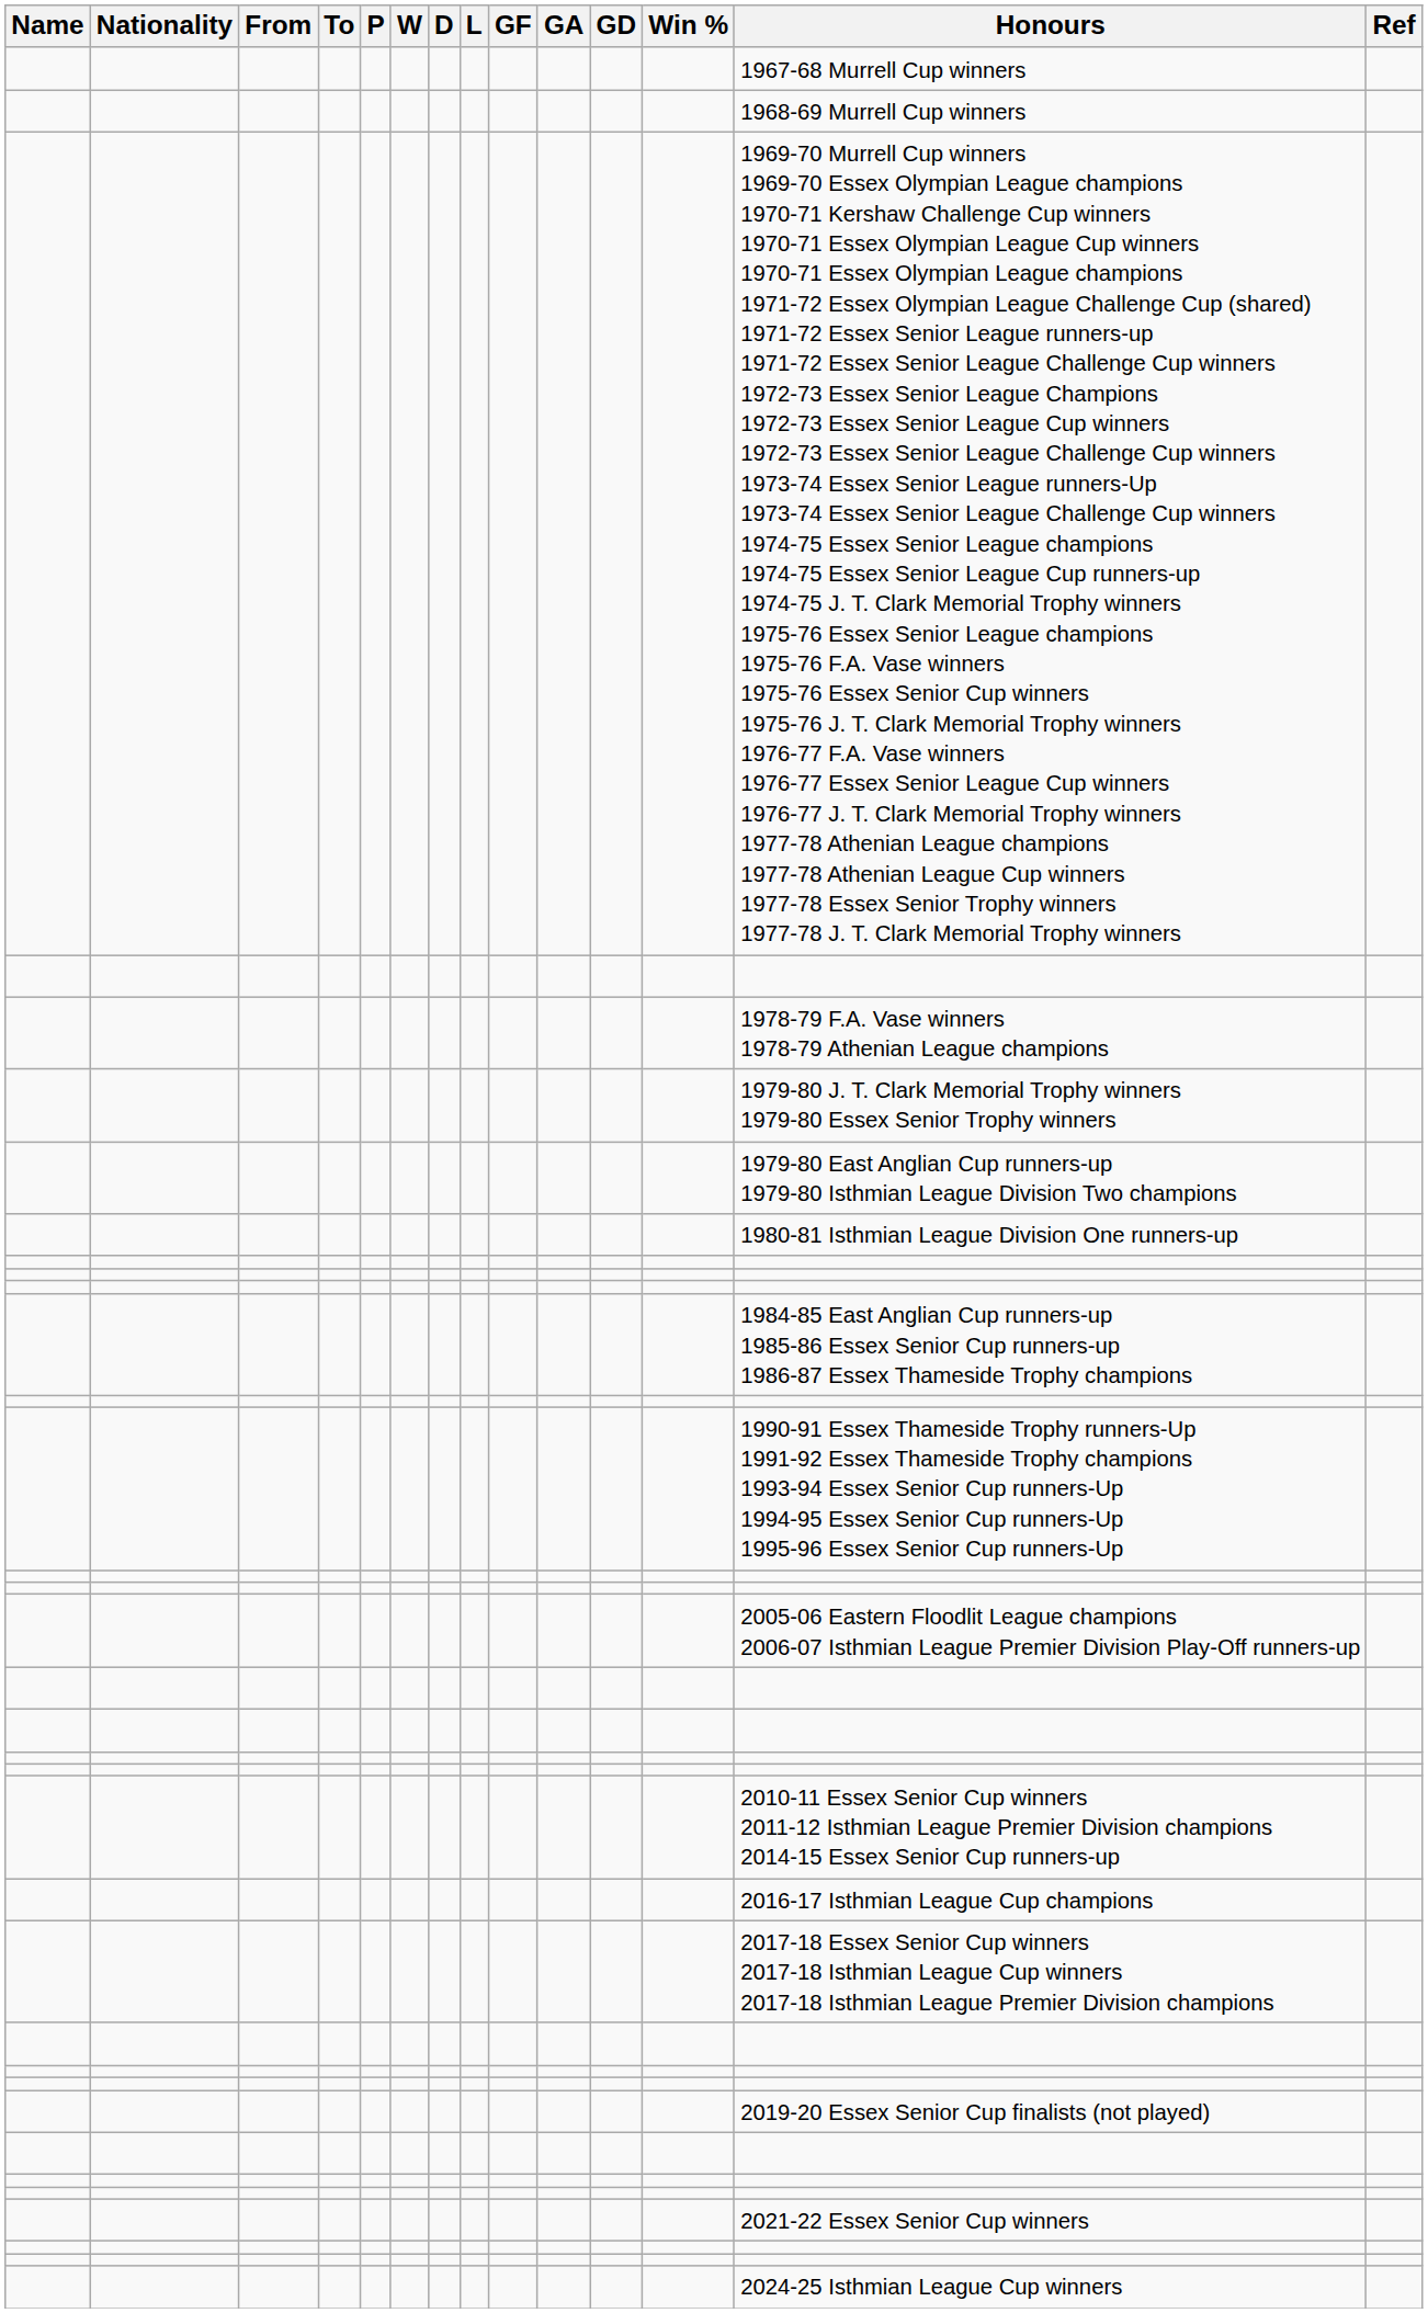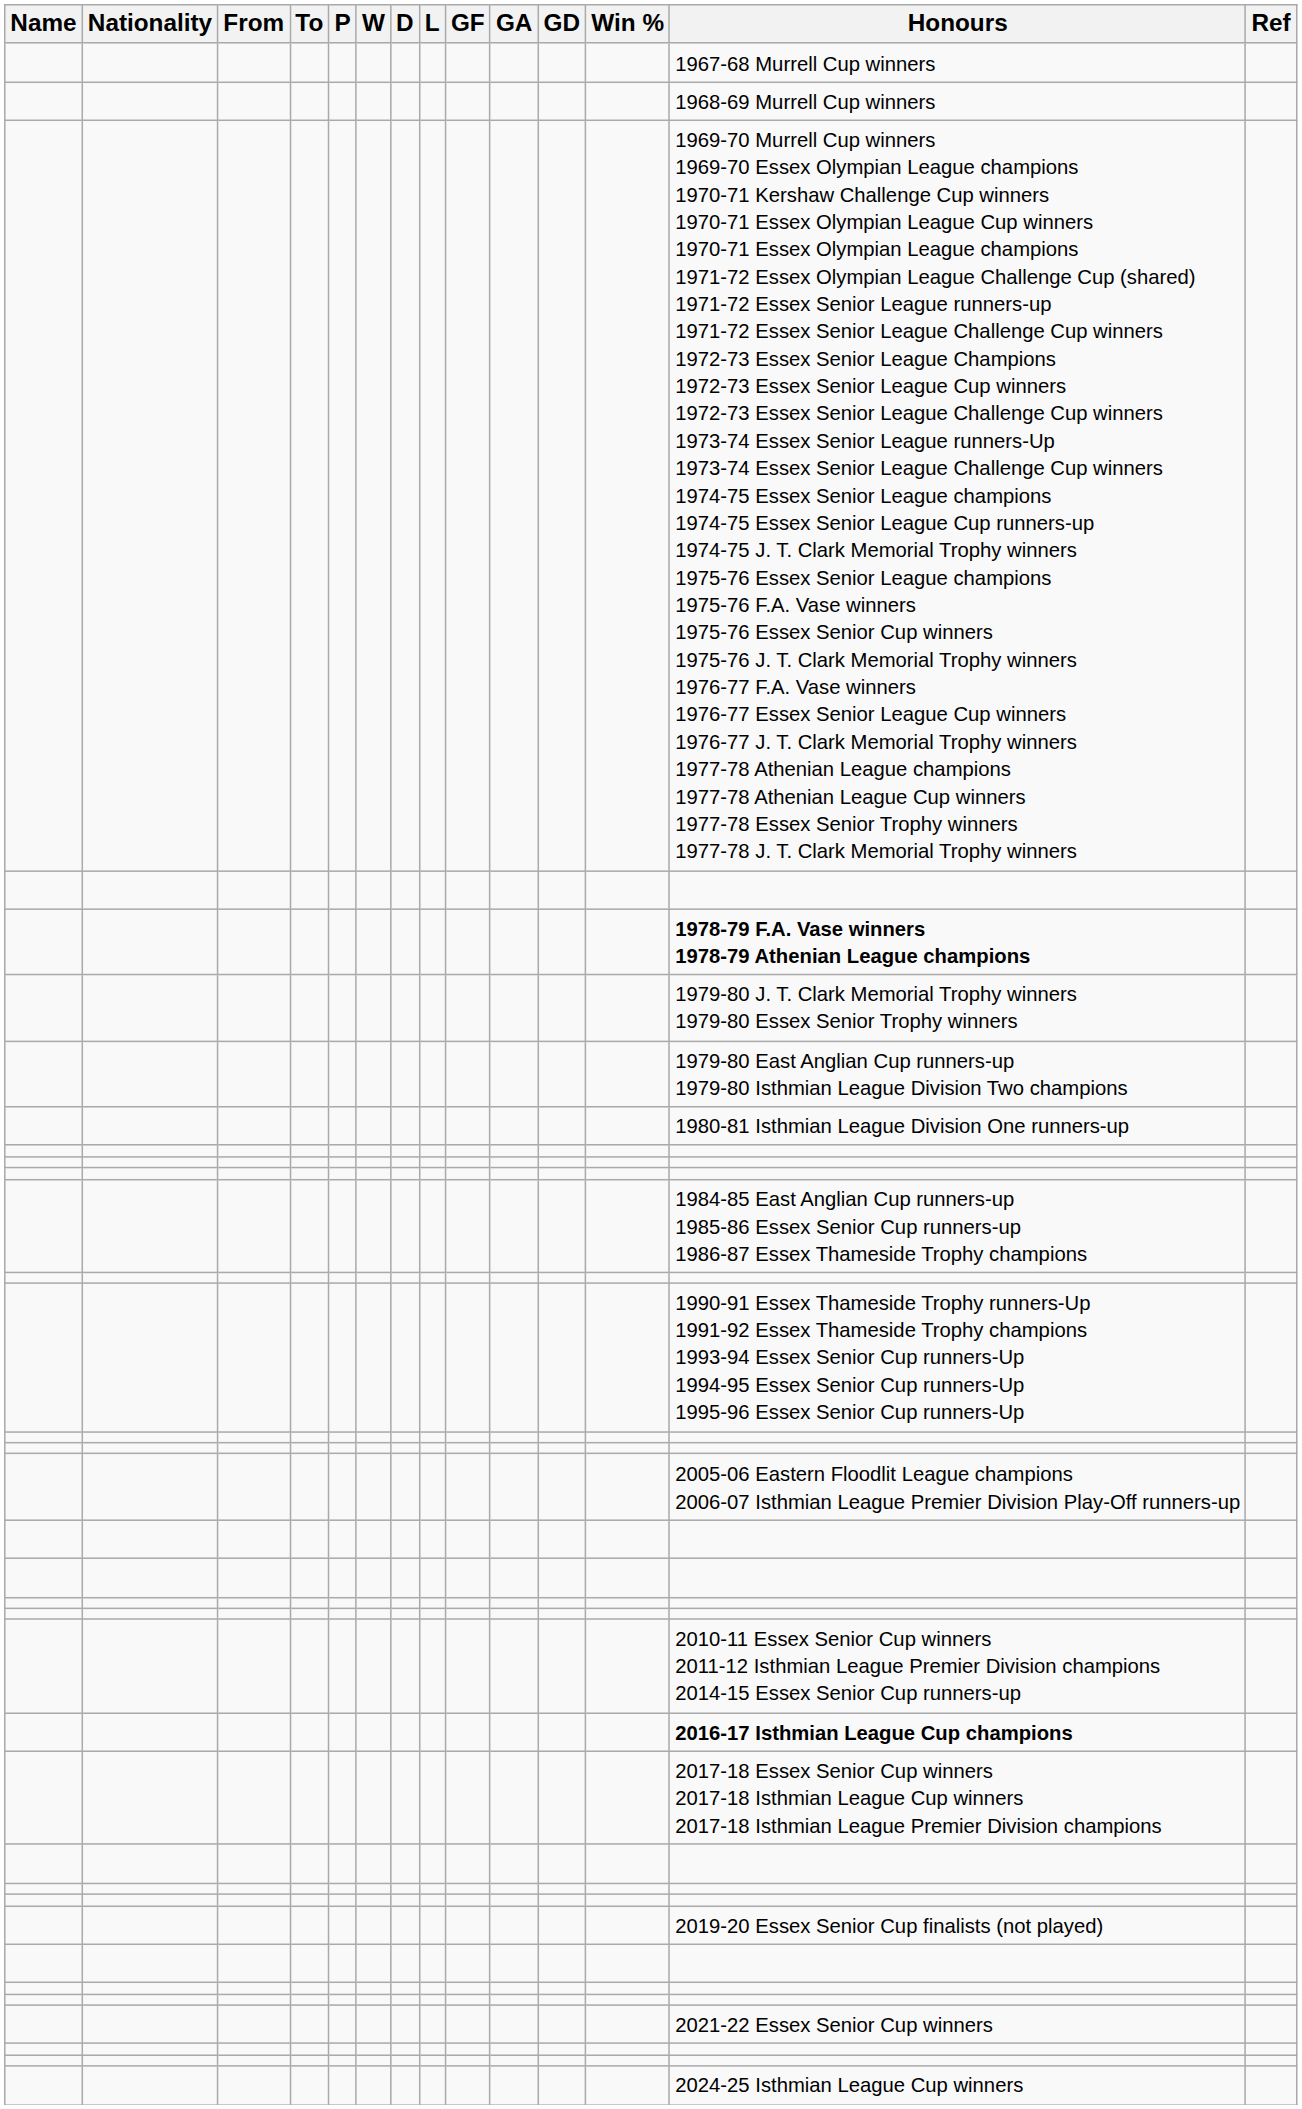 <table class="wikitable sortable" style=text-align:center>
 <tr>
 <th>Name</th>
 <th>Nationality</th>
 <th>From</th>
 <th class="unsortable">To</th>
 <th>P</th>
 <th>W</th>
 <th>D</th>
 <th>L</th>
 <th>GF</th>
 <th>GA</th>
 <th>GD</th>
 <th>Win %</th>
 <th class="unsortable">Honours</th>
 <th class="unsortable">Ref</th>
 </tr>
 <tr>
 <td align=left></td>
 <td align=left></td>
 <td></td>
 <td></td>
 <td></td>
 <td></td>
 <td></td>
 <td></td>
 <td></td>
 <td></td>
 <td></td>
 <td></td>
 <td align=left><small>1967-68 Murrell Cup winners</small></td>
 <td></td>
 </tr>
 <tr>
 <td align=left></td>
 <td align=left></td>
 <td></td>
 <td></td>
 <td></td>
 <td></td>
 <td></td>
 <td></td>
 <td></td>
 <td></td>
 <td></td>
 <td></td>
 <td align=left><small>1968-69 Murrell Cup winners</small></td>
 <td></td>
 </tr>
 <tr>
 <td align=left></td>
 <td align=left></td>
 <td></td>
 <td></td>
 <td></td>
 <td></td>
 <td></td>
 <td></td>
 <td></td>
 <td></td>
 <td></td>
 <td></td>
 <td align=left><small>1969-70 Murrell Cup winners<br>1969-70 Essex Olympian League champions<br>1970-71 Kershaw Challenge Cup winners<br>1970-71 Essex Olympian League Cup winners<br>1970-71 Essex Olympian League champions<br>1971-72 Essex Olympian League Challenge Cup (shared)<br>1971-72 Essex Senior League runners-up<br>1971-72 Essex Senior League Challenge Cup winners<br>1972-73 Essex Senior League Champions<br>1972-73 Essex Senior League Cup winners<br>1972-73 Essex Senior League Challenge Cup winners<br>1973-74 Essex Senior League runners-Up<br>1973-74 Essex Senior League Challenge Cup winners<br>1974-75 Essex Senior League champions<br>1974-75 Essex Senior League Cup runners-up<br>1974-75 J. T. Clark Memorial Trophy winners<br>1975-76 Essex Senior League champions<br>1975-76 F.A. Vase winners<br>1975-76 Essex Senior Cup winners<br>1975-76 J. T. Clark Memorial Trophy winners<br>1976-77 F.A. Vase winners<br>1976-77 Essex Senior League Cup winners<br>1976-77 J. T. Clark Memorial Trophy winners<br>1977-78 Athenian League champions<br>1977-78 Athenian League Cup winners<br>1977-78 Essex Senior Trophy winners<br>1977-78 J. T. Clark Memorial Trophy winners</small></td>
 <td></td>
 </tr>
 <tr>
 <td align=left><br></td>
 <td align=left></td>
 <td></td>
 <td></td>
 <td></td>
 <td></td>
 <td></td>
 <td></td>
 <td></td>
 <td></td>
 <td></td>
 <td></td>
 <td align=left></td>
 <td></td>
 </tr>
 <tr>
 <td align=left></td>
 <td align=left></td>
 <td></td>
 <td></td>
 <td></td>
 <td></td>
 <td></td>
 <td></td>
 <td></td>
 <td></td>
 <td></td>
 <td></td>
-<td align=left><small>1978-79 F.A. Vase winners<br>1978-79 Athenian League champions</small></td>
+<td align=left><strong><small>1978-79 F.A. Vase winners<br>1978-79 Athenian League champions</small></strong></td>
 <td></td>
 </tr>
 <tr>
 <td align=left></td>
 <td align=left></td>
 <td></td>
 <td></td>
 <td></td>
 <td></td>
 <td></td>
 <td></td>
 <td></td>
 <td></td>
 <td></td>
 <td></td>
 <td align=left><small>1979-80 J. T. Clark Memorial Trophy winners<br>1979-80 Essex Senior Trophy winners</small></td>
 <td></td>
 </tr>
 <tr>
 <td align=left></td>
 <td align=left></td>
 <td></td>
 <td></td>
 <td></td>
 <td></td>
 <td></td>
 <td></td>
 <td></td>
 <td></td>
 <td></td>
 <td></td>
 <td align=left><small>1979-80 East Anglian Cup runners-up<br>1979-80 Isthmian League Division Two champions</small></td>
 <td></td>
 </tr>
 <tr>
 <td align=left><br></td>
 <td align=left></td>
 <td></td>
 <td></td>
 <td></td>
 <td></td>
 <td></td>
 <td></td>
 <td></td>
 <td></td>
 <td></td>
 <td></td>
 <td align=left><small>1980-81 Isthmian League Division One runners-up</small></td>
 <td></td>
 </tr>
 <tr>
 <td align=left></td>
 <td align=left></td>
 <td></td>
 <td></td>
 <td></td>
 <td></td>
 <td></td>
 <td></td>
 <td></td>
 <td></td>
 <td></td>
 <td></td>
 <td align=left><small></small></td>
 <td></td>
 </tr>
 <tr>
 <td align=left></td>
 <td align=left></td>
 <td></td>
 <td></td>
 <td></td>
 <td></td>
 <td></td>
 <td></td>
 <td></td>
 <td></td>
 <td></td>
 <td></td>
 <td align=left><small></small></td>
 <td></td>
 </tr>
 <tr>
 <td align=left></td>
 <td align=left></td>
 <td></td>
 <td></td>
 <td></td>
 <td></td>
 <td></td>
 <td></td>
 <td></td>
 <td></td>
 <td></td>
 <td></td>
 <td align=left><small></small></td>
 <td></td>
 </tr>
 <tr>
 <td align=left></td>
 <td align=left></td>
 <td></td>
 <td></td>
 <td></td>
 <td></td>
 <td></td>
 <td></td>
 <td></td>
 <td></td>
 <td></td>
 <td></td>
 <td align=left><small>1984-85 East Anglian Cup runners-up<br>1985-86 Essex Senior Cup runners-up<br>1986-87 Essex Thameside Trophy champions</small></td>
 <td></td>
 </tr>
 <tr>
 <td align=left></td>
 <td align=left></td>
 <td></td>
 <td></td>
 <td></td>
 <td></td>
 <td></td>
 <td></td>
 <td></td>
 <td></td>
 <td></td>
 <td></td>
 <td align=left><small></small></td>
 <td></td>
 </tr>
 <tr>
 <td align=left></td>
 <td align=left></td>
 <td></td>
 <td></td>
 <td></td>
 <td></td>
 <td></td>
 <td></td>
 <td></td>
 <td></td>
 <td></td>
 <td></td>
 <td align=left><small>1990-91 Essex Thameside Trophy runners-Up<br>1991-92 Essex Thameside Trophy champions<br>1993-94 Essex Senior Cup runners-Up<br>1994-95 Essex Senior Cup runners-Up<br>1995-96 Essex Senior Cup runners-Up</small></td>
 <td></td>
 </tr>
 <tr>
 <td align=left></td>
 <td align=left></td>
 <td></td>
 <td></td>
 <td></td>
 <td></td>
 <td></td>
 <td></td>
 <td></td>
 <td></td>
 <td></td>
 <td></td>
 <td align=left><small></small></td>
 <td></td>
 </tr>
 <tr>
 <td align=left></td>
 <td align=left></td>
 <td></td>
 <td></td>
 <td></td>
 <td></td>
 <td></td>
 <td></td>
 <td></td>
 <td></td>
 <td></td>
 <td></td>
 <td align=left><small></small></td>
 <td></td>
 </tr>
 <tr>
 <td align=left></td>
 <td align=left></td>
 <td></td>
 <td></td>
 <td></td>
 <td></td>
 <td></td>
 <td></td>
 <td></td>
 <td></td>
 <td></td>
 <td></td>
 <td align=left><small>2005-06 Eastern Floodlit League champions<br>2006-07 Isthmian League Premier Division Play-Off runners-up</small></td>
 <td></td>
 </tr>
 <tr>
 <td align=left><br></td>
 <td align=left></td>
 <td></td>
 <td></td>
 <td></td>
 <td></td>
 <td></td>
 <td></td>
 <td></td>
 <td></td>
 <td></td>
 <td></td>
 <td align=left><small></small></td>
 <td></td>
 </tr>
 <tr>
 <td align=left><br></td>
 <td align=left><br></td>
 <td></td>
 <td></td>
 <td></td>
 <td></td>
 <td></td>
 <td></td>
 <td></td>
 <td></td>
 <td></td>
 <td></td>
 <td align=left><small></small></td>
 <td></td>
 </tr>
 <tr>
 <td align=left></td>
 <td align=left></td>
 <td></td>
 <td></td>
 <td></td>
 <td></td>
 <td></td>
 <td></td>
 <td></td>
 <td></td>
 <td></td>
 <td></td>
 <td align=left><small></small></td>
 <td></td>
 </tr>
 <tr>
 <td align=left></td>
 <td align=left></td>
 <td></td>
 <td></td>
 <td></td>
 <td></td>
 <td></td>
 <td></td>
 <td></td>
 <td></td>
 <td></td>
 <td></td>
 <td align=left><small></small></td>
 <td></td>
 </tr>
 <tr>
 <td align=left></td>
 <td align=left></td>
 <td></td>
 <td></td>
 <td></td>
 <td></td>
 <td></td>
 <td></td>
 <td></td>
 <td></td>
 <td></td>
 <td></td>
 <td align=left><small>2010-11 Essex Senior Cup winners<br>2011-12 Isthmian League Premier Division champions<br>2014-15 Essex Senior Cup runners-up</small></td>
 <td></td>
 </tr>
 <tr>
 <td align=left><br></td>
 <td align=left><br></td>
 <td></td>
 <td></td>
 <td></td>
 <td></td>
 <td></td>
 <td></td>
 <td></td>
 <td></td>
 <td></td>
 <td></td>
-<td align=left><small>2016-17 Isthmian League Cup champions</small></td>
+<td align=left><strong><small>2016-17 Isthmian League Cup champions</small></strong></td>
 <td></td>
 </tr>
 <tr>
 <td align=left></td>
 <td align=left></td>
 <td></td>
 <td></td>
 <td></td>
 <td></td>
 <td></td>
 <td></td>
 <td></td>
 <td></td>
 <td></td>
 <td></td>
 <td align=left><small>2017-18 Essex Senior Cup winners<br>2017-18 Isthmian League Cup winners<br>2017-18 Isthmian League Premier Division champions</small></td>
 <td></td>
 </tr>
 <tr>
 <td align=left><br></td>
 <td align=left><br></td>
 <td></td>
 <td></td>
 <td></td>
 <td></td>
 <td></td>
 <td></td>
 <td></td>
 <td></td>
 <td></td>
 <td></td>
 <td align=left><small></small></td>
 <td></td>
 </tr>
 <tr>
 <td align=left></td>
 <td align=left></td>
 <td></td>
 <td></td>
 <td></td>
 <td></td>
 <td></td>
 <td></td>
 <td></td>
 <td></td>
 <td></td>
 <td></td>
 <td align=left><small></small></td>
 <td></td>
 </tr>
 <tr>
 <td align=left></td>
 <td align=left></td>
 <td></td>
 <td></td>
 <td></td>
 <td></td>
 <td></td>
 <td></td>
 <td></td>
 <td></td>
 <td></td>
 <td></td>
 <td align=left><small></small></td>
 <td></td>
 </tr>
 <tr>
 <td align=left></td>
 <td align=left></td>
 <td></td>
 <td></td>
 <td></td>
 <td></td>
 <td></td>
 <td></td>
 <td></td>
 <td></td>
 <td></td>
 <td></td>
 <td align=left><small>2019-20 Essex Senior Cup finalists (not played)</small></td>
 <td></td>
 </tr>
 <tr>
 <td align=left><br></td>
 <td align=left><br></td>
 <td></td>
 <td></td>
 <td></td>
 <td></td>
 <td></td>
 <td></td>
 <td></td>
 <td></td>
 <td></td>
 <td></td>
 <td align=left><small></small></td>
 <td></td>
 </tr>
 <tr>
 <td align=left></td>
 <td align=left></td>
 <td></td>
 <td></td>
 <td></td>
 <td></td>
 <td></td>
 <td></td>
 <td></td>
 <td></td>
 <td></td>
 <td></td>
 <td align=left><small></small></td>
 <td></td>
 </tr>
 <tr>
 <td align=left></td>
 <td align=left></td>
 <td></td>
 <td></td>
 <td></td>
 <td></td>
 <td></td>
 <td></td>
 <td></td>
 <td></td>
 <td></td>
 <td></td>
 <td align=left><small></small></td>
 <td></td>
 </tr>
 <tr>
 <td align=left></td>
 <td align=left></td>
 <td></td>
 <td></td>
 <td></td>
 <td></td>
 <td></td>
 <td></td>
 <td></td>
 <td></td>
 <td></td>
 <td></td>
 <td align=left><small>2021-22 Essex Senior Cup winners</small></td>
 <td></td>
 </tr>
 <tr>
 <td align=left></td>
 <td align=left></td>
 <td></td>
 <td></td>
 <td></td>
 <td></td>
 <td></td>
 <td></td>
 <td></td>
 <td></td>
 <td></td>
 <td></td>
 <td align=left><small></small></td>
 <td></td>
 </tr>
 <tr>
 <td align=left></td>
 <td align=left></td>
 <td></td>
 <td></td>
 <td></td>
 <td></td>
 <td></td>
 <td></td>
 <td></td>
 <td></td>
 <td></td>
 <td></td>
 <td align=left><small></small></td>
 <td></td>
 </tr>
 <tr>
 <td align=left></td>
 <td align=left></td>
 <td></td>
 <td></td>
 <td></td>
 <td></td>
 <td></td>
 <td></td>
 <td></td>
 <td></td>
 <td></td>
 <td></td>
 <td align=left><small>2024-25 Isthmian League Cup winners</small></td>
 <td></td>
 </tr>
 <tr>
 </tr>
 </table>
